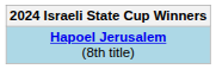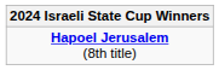 <table class=wikitable style="text-align:center; margin:auto">
 <tr>
 <th>2024 Israeli State Cup Winners</th>
 </tr>
 <tr>
-<td style="background: lightblue;"><strong><a href='#'>Hapoel Jerusalem</a></strong><br>(8th title)</td>
+<td><strong><a href='#'>Hapoel Jerusalem</a></strong><br>(8th title)</td>
 </tr>
 </table>
